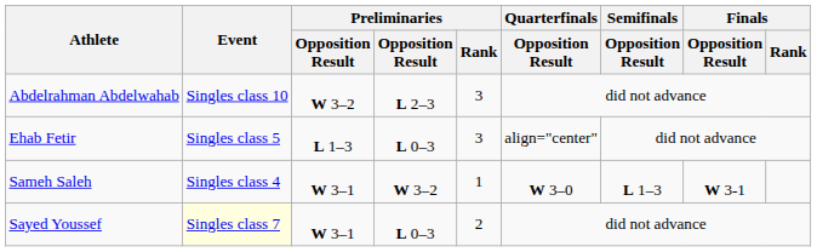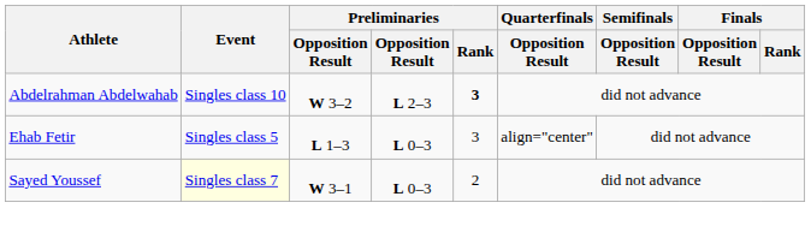 <table class=wikitable>
 <tr>
 <th rowspan="2">Athlete</th>
 <th rowspan="2">Event</th>
 <th colspan="3">Preliminaries</th>
 <th>Quarterfinals</th>
 <th>Semifinals</th>
 <th colspan="2">Finals</th>
 </tr>
 <tr>
 <th>Opposition<br>Result</th>
 <th>Opposition<br>Result</th>
 <th>Rank</th>
 <th>Opposition<br>Result</th>
 <th>Opposition<br>Result</th>
 <th>Opposition<br>Result</th>
 <th>Rank</th>
 </tr>
 <tr>
 <td><a href='#'>Abdelrahman Abdelwahab</a></td>
 <td><a href='#'>Singles class 10</a></td>
 <td align="center"><br><strong>W</strong> 3–2</td>
 <td align="center"><br><strong>L</strong> 2–3</td>
-<td align="center">3</td>
+<td align="center"><strong>3</strong></td>
 <td align="center" colspan="4">did not advance</td>
 </tr>
 <tr>
 <td><a href='#'>Ehab Fetir</a></td>
 <td><a href='#'>Singles class 5</a></td>
 <td align="center"><br><strong>L</strong> 1–3</td>
 <td align="center"><br><strong>L</strong> 0–3</td>
 <td align="center">3</td>
 <td>align="center" </td>
 <td align="center" colspan="3">did not advance</td>
 </tr>
 <tr>
-<td><a href='#'>Sameh Saleh</a></td>
-<td><a href='#'>Singles class 4</a></td>
-<td align="center"><br><strong>W</strong> 3–1</td>
-<td align="center"><br><strong>W</strong> 3–2</td>
-<td align="center">1</td>
-<td align="center"><br><strong>W</strong> 3–0</td>
-<td align="center"><br><strong>L</strong> 1–3</td>
-<td align="center"><br><strong>W</strong> 3-1</td>
-<td align="center"></td>
-</tr>
-<tr>
 <td><a href='#'>Sayed Youssef</a></td>
 <td style="background: lightyellow;"><a href='#'>Singles class 7</a></td>
 <td align="center"><br><strong>W</strong> 3–1</td>
 <td align="center"><br><strong>L</strong> 0–3</td>
 <td align="center">2</td>
 <td align="center" colspan="4">did not advance</td>
 </tr>
 </table>
